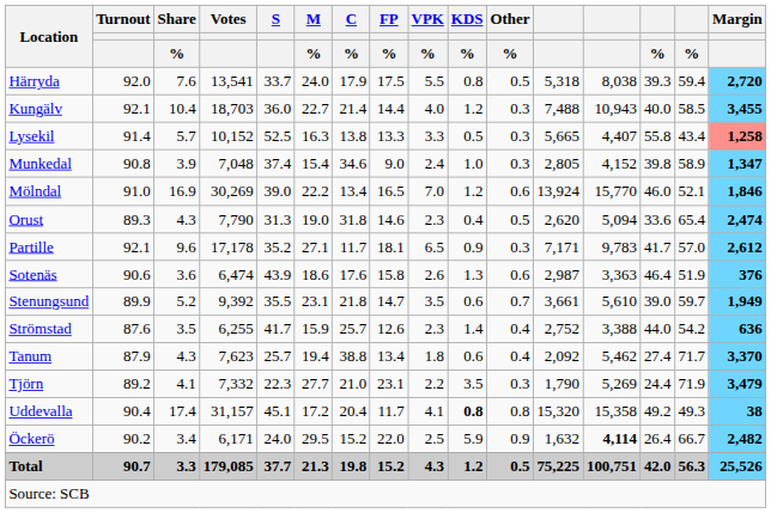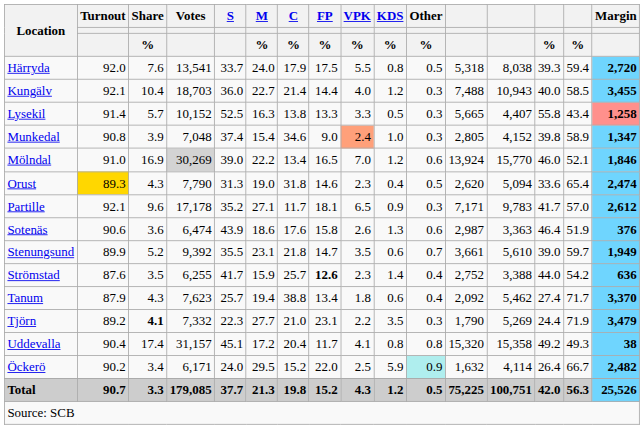 <table class="wikitable sortable" style="text-align:right; font-size:95%; line-height:20px;">
 <tr>
 <th rowspan="3">Location</th>
 <th>Turnout</th>
 <th>Share</th>
 <th>Votes</th>
 <th width="30px" class="unsortable"><a href='#'>S</a></th>
 <th width="30px" class="unsortable"><a href='#'>M</a></th>
 <th width="30px" class="unsortable"><a href='#'>C</a></th>
 <th width="30px" class="unsortable"><a href='#'>FP</a></th>
 <th width="30px" class="unsortable"><a href='#'>VPK</a></th>
 <th width="30px" class="unsortable"><a href='#'>KDS</a></th>
 <th width="30px" class="unsortable">Other</th>
 <th></th>
 <th></th>
 <th></th>
 <th></th>
 <th>Margin</th>
 </tr>
 <tr>
 <th></th>
 <th></th>
 <th></th>
 <th style="background:"></th>
 <th style="background:"></th>
 <th style="background:"></th>
 <th style="background:"></th>
 <th style="background:"></th>
 <th style="background:"></th>
 <th style="background:"></th>
 <th style="background:"></th>
 <th style="background:"></th>
 <th style="background:"></th>
 <th style="background:"></th>
 <th></th>
 </tr>
 <tr>
 <th></th>
 <th data-sort-type="number">%</th>
 <th data-sort-type="number"></th>
 <th></th>
 <th data-sort-type="number">%</th>
 <th data-sort-type="number">%</th>
 <th data-sort-type="number">%</th>
 <th data-sort-type="number">%</th>
 <th data-sort-type="number">%</th>
 <th data-sort-type="number">%</th>
 <th data-sort-type="number"></th>
 <th data-sort-type="number"></th>
 <th data-sort-type="number">%</th>
 <th data-sort-type="number">%</th>
 <th data-sort-type="number"></th>
 </tr>
 <tr>
 <td align=left><a href='#'>Härryda</a></td>
 <td>92.0</td>
 <td>7.6</td>
 <td>13,541</td>
 <td>33.7</td>
 <td>24.0</td>
 <td>17.9</td>
 <td>17.5</td>
 <td>5.5</td>
 <td>0.8</td>
 <td>0.5</td>
 <td>5,318</td>
 <td>8,038</td>
 <td>39.3</td>
 <td>59.4</td>
 <td bgcolor=#6fd5fe><strong>2,720</strong></td>
 </tr>
 <tr>
 <td align=left><a href='#'>Kungälv</a></td>
 <td>92.1</td>
 <td>10.4</td>
 <td>18,703</td>
 <td>36.0</td>
 <td>22.7</td>
 <td>21.4</td>
 <td>14.4</td>
 <td>4.0</td>
 <td>1.2</td>
 <td>0.3</td>
 <td>7,488</td>
 <td>10,943</td>
 <td>40.0</td>
 <td>58.5</td>
 <td bgcolor=#6fd5fe><strong>3,455</strong></td>
 </tr>
 <tr>
 <td align=left><a href='#'>Lysekil</a></td>
 <td>91.4</td>
 <td>5.7</td>
 <td>10,152</td>
 <td>52.5</td>
 <td>16.3</td>
 <td>13.8</td>
 <td>13.3</td>
 <td>3.3</td>
 <td>0.5</td>
 <td>0.3</td>
 <td>5,665</td>
 <td>4,407</td>
 <td>55.8</td>
 <td>43.4</td>
 <td bgcolor=#ff908c><strong>1,258</strong></td>
 </tr>
 <tr>
 <td align=left><a href='#'>Munkedal</a></td>
 <td>90.8</td>
 <td>3.9</td>
 <td>7,048</td>
 <td>37.4</td>
 <td>15.4</td>
 <td>34.6</td>
 <td>9.0</td>
-<td>2.4</td>
+<td style="background: lightsalmon;">2.4</td>
 <td>1.0</td>
 <td>0.3</td>
 <td>2,805</td>
 <td>4,152</td>
 <td>39.8</td>
 <td>58.9</td>
 <td bgcolor=#6fd5fe><strong>1,347</strong></td>
 </tr>
 <tr>
 <td align=left><a href='#'>Mölndal</a></td>
 <td>91.0</td>
 <td>16.9</td>
-<td>30,269</td>
+<td style="background: lightgrey;">30,269</td>
 <td>39.0</td>
 <td>22.2</td>
 <td>13.4</td>
 <td>16.5</td>
 <td>7.0</td>
 <td>1.2</td>
 <td>0.6</td>
 <td>13,924</td>
 <td>15,770</td>
 <td>46.0</td>
 <td>52.1</td>
 <td bgcolor=#6fd5fe><strong>1,846</strong></td>
 </tr>
 <tr>
 <td align=left><a href='#'>Orust</a></td>
-<td>89.3</td>
+<td style="background: gold;">89.3</td>
 <td>4.3</td>
 <td>7,790</td>
 <td>31.3</td>
 <td>19.0</td>
 <td>31.8</td>
 <td>14.6</td>
 <td>2.3</td>
 <td>0.4</td>
 <td>0.5</td>
 <td>2,620</td>
 <td>5,094</td>
 <td>33.6</td>
 <td>65.4</td>
 <td bgcolor=#6fd5fe><strong>2,474</strong></td>
 </tr>
 <tr>
 <td align=left><a href='#'>Partille</a></td>
 <td>92.1</td>
 <td>9.6</td>
 <td>17,178</td>
 <td>35.2</td>
 <td>27.1</td>
 <td>11.7</td>
 <td>18.1</td>
 <td>6.5</td>
 <td>0.9</td>
 <td>0.3</td>
 <td>7,171</td>
 <td>9,783</td>
 <td>41.7</td>
 <td>57.0</td>
 <td bgcolor=#6fd5fe><strong>2,612</strong></td>
 </tr>
 <tr>
 <td align=left><a href='#'>Sotenäs</a></td>
 <td>90.6</td>
 <td>3.6</td>
 <td>6,474</td>
 <td>43.9</td>
 <td>18.6</td>
 <td>17.6</td>
 <td>15.8</td>
 <td>2.6</td>
 <td>1.3</td>
 <td>0.6</td>
 <td>2,987</td>
 <td>3,363</td>
 <td>46.4</td>
 <td>51.9</td>
 <td bgcolor=#6fd5fe><strong>376</strong></td>
 </tr>
 <tr>
 <td align=left><a href='#'>Stenungsund</a></td>
 <td>89.9</td>
 <td>5.2</td>
 <td>9,392</td>
 <td>35.5</td>
 <td>23.1</td>
 <td>21.8</td>
 <td>14.7</td>
 <td>3.5</td>
 <td>0.6</td>
 <td>0.7</td>
 <td>3,661</td>
 <td>5,610</td>
 <td>39.0</td>
 <td>59.7</td>
 <td bgcolor=#6fd5fe><strong>1,949</strong></td>
 </tr>
 <tr>
 <td align=left><a href='#'>Strömstad</a></td>
 <td>87.6</td>
 <td>3.5</td>
 <td>6,255</td>
 <td>41.7</td>
 <td>15.9</td>
 <td>25.7</td>
-<td>12.6</td>
+<td><strong>12.6</strong></td>
 <td>2.3</td>
 <td>1.4</td>
 <td>0.4</td>
 <td>2,752</td>
 <td>3,388</td>
 <td>44.0</td>
 <td>54.2</td>
 <td bgcolor=#6fd5fe><strong>636</strong></td>
 </tr>
 <tr>
 <td align=left><a href='#'>Tanum</a></td>
 <td>87.9</td>
 <td>4.3</td>
 <td>7,623</td>
 <td>25.7</td>
 <td>19.4</td>
 <td>38.8</td>
 <td>13.4</td>
 <td>1.8</td>
 <td>0.6</td>
 <td>0.4</td>
 <td>2,092</td>
 <td>5,462</td>
 <td>27.4</td>
 <td>71.7</td>
 <td bgcolor=#6fd5fe><strong>3,370</strong></td>
 </tr>
 <tr>
 <td align=left><a href='#'>Tjörn</a></td>
 <td>89.2</td>
-<td>4.1</td>
+<td><strong>4.1</strong></td>
 <td>7,332</td>
 <td>22.3</td>
 <td>27.7</td>
 <td>21.0</td>
 <td>23.1</td>
 <td>2.2</td>
 <td>3.5</td>
 <td>0.3</td>
 <td>1,790</td>
 <td>5,269</td>
 <td>24.4</td>
 <td>71.9</td>
 <td bgcolor=#6fd5fe><strong>3,479</strong></td>
 </tr>
 <tr>
 <td align=left><a href='#'>Uddevalla</a></td>
 <td>90.4</td>
 <td>17.4</td>
 <td>31,157</td>
 <td>45.1</td>
 <td>17.2</td>
 <td>20.4</td>
 <td>11.7</td>
 <td>4.1</td>
-<td><strong>0.8</strong></td>
+<td>0.8</td>
 <td>0.8</td>
 <td>15,320</td>
 <td>15,358</td>
 <td>49.2</td>
 <td>49.3</td>
 <td bgcolor=#6fd5fe><strong>38</strong></td>
 </tr>
 <tr>
 <td align=left><a href='#'>Öckerö</a></td>
 <td>90.2</td>
 <td>3.4</td>
 <td>6,171</td>
 <td>24.0</td>
 <td>29.5</td>
 <td>15.2</td>
 <td>22.0</td>
 <td>2.5</td>
 <td>5.9</td>
-<td>0.9</td>
+<td style="background: paleturquoise;">0.9</td>
 <td>1,632</td>
-<td><strong>4,114</strong></td>
+<td>4,114</td>
 <td>26.4</td>
 <td>66.7</td>
 <td bgcolor=#6fd5fe><strong>2,482</strong></td>
 </tr>
 <tr>
 </tr>
 <tr style="background:#CDCDCD;">
 <td align=left><strong>Total</strong></td>
 <td><strong>90.7</strong></td>
 <td><strong>3.3</strong></td>
 <td><strong>179,085</strong></td>
 <td><strong>37.7</strong></td>
 <td><strong>21.3</strong></td>
 <td><strong>19.8</strong></td>
 <td><strong>15.2</strong></td>
 <td><strong>4.3</strong></td>
 <td><strong>1.2</strong></td>
 <td><strong>0.5</strong></td>
 <td><strong>75,225</strong></td>
 <td><strong>100,751</strong></td>
 <td><strong>42.0</strong></td>
 <td><strong>56.3</strong></td>
 <td bgcolor=#6fd5fe><strong>25,526</strong></td>
 </tr>
 <tr>
 <td align=left colspan=16>Source: SCB </td>
 </tr>
 </table>
